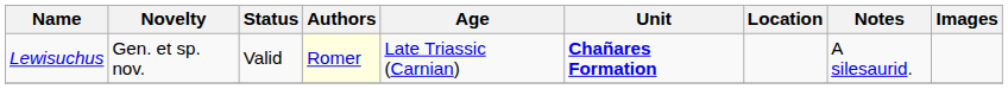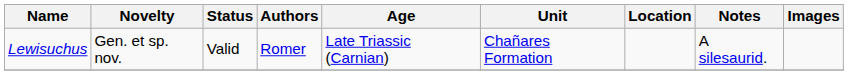 <table class="wikitable sortable" align="center" width="100%">
 <tr>
 <th>Name</th>
 <th>Novelty</th>
 <th>Status</th>
 <th>Authors</th>
 <th>Age</th>
 <th>Unit</th>
 <th>Location</th>
 <th>Notes</th>
 <th>Images</th>
 </tr>
 <tr>
 <td><em><a href='#'>Lewisuchus</a></em></td>
 <td>Gen. et sp. nov.</td>
 <td>Valid</td>
-<td style="background: lightyellow;"><a href='#'>Romer</a></td>
+<td><a href='#'>Romer</a></td>
 <td><a href='#'>Late Triassic</a> (<a href='#'>Carnian</a>)</td>
-<td><strong><a href='#'>Chañares Formation</a></strong></td>
+<td><a href='#'>Chañares Formation</a></td>
 <td></td>
 <td>A <a href='#'>silesaurid</a>.</td>
 <td></td>
 </tr>
 <tr>
 </tr>
 </table>
